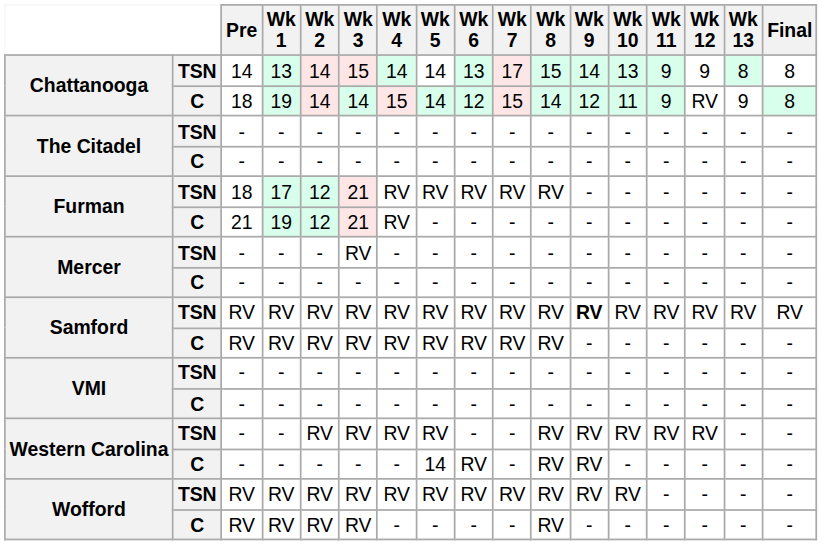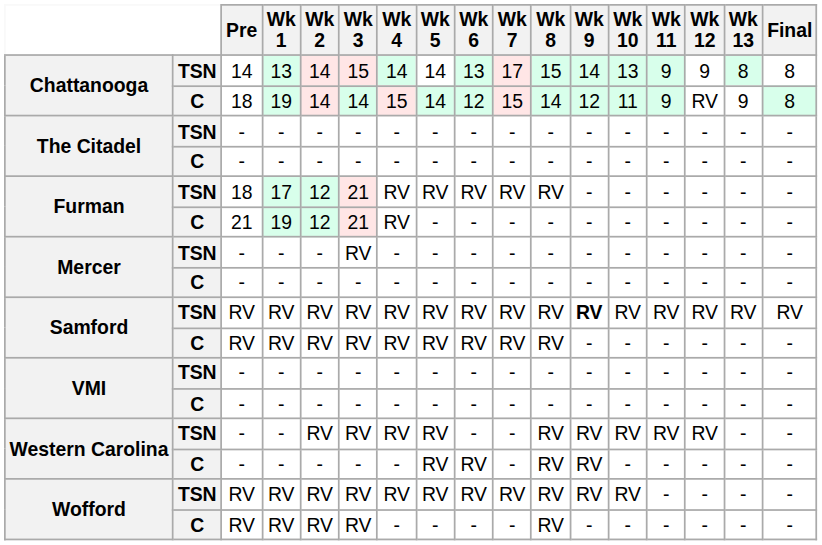 <table class="wikitable" style="white-space:nowrap;font-size:70%;">
 <tr>
 <th colspan=2 style="background:white; border-top-style:hidden; border-left-style:hidden;"> </th>
 <th>Pre</th>
 <th>Wk<br>1</th>
 <th>Wk<br>2</th>
 <th>Wk<br>3</th>
 <th>Wk<br>4</th>
 <th>Wk<br>5</th>
 <th>Wk<br>6</th>
 <th>Wk<br>7</th>
 <th>Wk<br>8</th>
 <th>Wk<br>9</th>
 <th>Wk<br>10</th>
 <th>Wk<br>11</th>
 <th>Wk<br>12</th>
 <th>Wk<br>13</th>
 <th>Final</th>
 </tr>
 <tr style="text-align:center;">
 <th rowspan=2>Chattanooga</th>
 <th>TSN</th>
 <td style="background:#FFF;">14</td>
 <td style="background:#D8FFEB;">13</td>
 <td style="background:#FFE6E6;">14</td>
 <td style="background:#FFE6E6;">15</td>
 <td style="background:#D8FFEB;">14</td>
 <td style="background:#FFF;">14</td>
 <td style="background:#D8FFEB;">13</td>
 <td style="background:#FFE6E6;">17</td>
 <td style="background:#D8FFEB;">15</td>
 <td style="background:#D8FFEB;">14</td>
 <td style="background:#D8FFEB;">13</td>
 <td style="background:#D8FFEB;">9</td>
 <td style="background:#FFF;">9</td>
 <td style="background:#D8FFEB;">8</td>
 <td style="background:#FFF;">8</td>
 </tr>
 <tr style="text-align:center;">
 <th>C</th>
 <td style="background:#FFF;">18</td>
 <td style="background:#D8FFEB;">19</td>
 <td style="background:#FFE6E6;">14</td>
 <td style="background:#D8FFEB;">14</td>
 <td style="background:#FFE6E6;">15</td>
 <td style="background:#D8FFEB;">14</td>
 <td style="background:#D8FFEB;">12</td>
 <td style="background:#FFE6E6;">15</td>
 <td style="background:#D8FFEB;">14</td>
 <td style="background:#D8FFEB;">12</td>
 <td style="background:#D8FFEB;">11</td>
 <td style="background:#D8FFEB;">9</td>
 <td style="background:#FFF;">RV</td>
 <td style="background:#FFF;">9</td>
 <td style="background:#D8FFEB;">8</td>
 </tr>
 <tr style="text-align:center;">
 <th rowspan=2>The Citadel</th>
 <th>TSN</th>
 <td style="background:#FFF;">-</td>
 <td style="background:#FFF;">-</td>
 <td style="background:#FFF;">-</td>
 <td style="background:#FFF;">-</td>
 <td style="background:#FFF;">-</td>
 <td style="background:#FFF;">-</td>
 <td style="background:#FFF;">-</td>
 <td style="background:#FFF;">-</td>
 <td style="background:#FFF;">-</td>
 <td style="background:#FFF;">-</td>
 <td style="background:#FFF;">-</td>
 <td style="background:#FFF;">-</td>
 <td style="background:#FFF;">-</td>
 <td style="background:#FFF;">-</td>
 <td style="background:#FFF;">-</td>
 </tr>
 <tr style="text-align:center;">
 <th>C</th>
 <td style="background:#FFF;">-</td>
 <td style="background:#FFF;">-</td>
 <td style="background:#FFF;">-</td>
 <td style="background:#FFF;">-</td>
 <td style="background:#FFF;">-</td>
 <td style="background:#FFF;">-</td>
 <td style="background:#FFF;">-</td>
 <td style="background:#FFF;">-</td>
 <td style="background:#FFF;">-</td>
 <td style="background:#FFF;">-</td>
 <td style="background:#FFF;">-</td>
 <td style="background:#FFF;">-</td>
 <td style="background:#FFF;">-</td>
 <td style="background:#FFF;">-</td>
 <td style="background:#FFF;">-</td>
 </tr>
 <tr style="text-align:center;">
 <th rowspan=2>Furman</th>
 <th>TSN</th>
 <td style="background:#FFF;">18</td>
 <td style="background:#D8FFEB;">17</td>
 <td style="background:#D8FFEB;">12</td>
 <td style="background:#FFE6E6;">21</td>
 <td style="background:#FFF;">RV</td>
 <td style="background:#FFF;">RV</td>
 <td style="background:#FFF;">RV</td>
 <td style="background:#FFF;">RV</td>
 <td style="background:#FFF;">RV</td>
 <td style="background:#FFF;">-</td>
 <td style="background:#FFF;">-</td>
 <td style="background:#FFF;">-</td>
 <td style="background:#FFF;">-</td>
 <td style="background:#FFF;">-</td>
 <td style="background:#FFF;">-</td>
 </tr>
 <tr style="text-align:center;">
 <th>C</th>
 <td style="background:#FFF;">21</td>
 <td style="background:#D8FFEB;">19</td>
 <td style="background:#D8FFEB;">12</td>
 <td style="background:#FFE6E6;">21</td>
 <td style="background:#FFF;">RV</td>
 <td style="background:#FFF;">-</td>
 <td style="background:#FFF;">-</td>
 <td style="background:#FFF;">-</td>
 <td style="background:#FFF;">-</td>
 <td style="background:#FFF;">-</td>
 <td style="background:#FFF;">-</td>
 <td style="background:#FFF;">-</td>
 <td style="background:#FFF;">-</td>
 <td style="background:#FFF;">-</td>
 <td style="background:#FFF;">-</td>
 </tr>
 <tr style="text-align:center;">
 <th rowspan=2>Mercer</th>
 <th>TSN</th>
 <td style="background:#FFF;">-</td>
 <td style="background:#FFF;">-</td>
 <td style="background:#FFF;">-</td>
 <td style="background:#FFF;">RV</td>
 <td style="background:#FFF;">-</td>
 <td style="background:#FFF;">-</td>
 <td style="background:#FFF;">-</td>
 <td style="background:#FFF;">-</td>
 <td style="background:#FFF;">-</td>
 <td style="background:#FFF;">-</td>
 <td style="background:#FFF;">-</td>
 <td style="background:#FFF;">-</td>
 <td style="background:#FFF;">-</td>
 <td style="background:#FFF;">-</td>
 <td style="background:#FFF;">-</td>
 </tr>
 <tr style="text-align:center;">
 <th>C</th>
 <td style="background:#FFF;">-</td>
 <td style="background:#FFF;">-</td>
 <td style="background:#FFF;">-</td>
 <td style="background:#FFF;">-</td>
 <td style="background:#FFF;">-</td>
 <td style="background:#FFF;">-</td>
 <td style="background:#FFF;">-</td>
 <td style="background:#FFF;">-</td>
 <td style="background:#FFF;">-</td>
 <td style="background:#FFF;">-</td>
 <td style="background:#FFF;">-</td>
 <td style="background:#FFF;">-</td>
 <td style="background:#FFF;">-</td>
 <td style="background:#FFF;">-</td>
 <td style="background:#FFF;">-</td>
 </tr>
 <tr style="text-align:center;">
 <th rowspan=2>Samford</th>
 <th>TSN</th>
 <td style="background:#FFF;">RV</td>
 <td style="background:#FFF;">RV</td>
 <td style="background:#FFF;">RV</td>
 <td style="background:#FFF;">RV</td>
 <td style="background:#FFF;">RV</td>
 <td style="background:#FFF;">RV</td>
 <td style="background:#FFF;">RV</td>
 <td style="background:#FFF;">RV</td>
 <td style="background:#FFF;">RV</td>
 <td style="background:#FFF;"><strong>RV</strong></td>
 <td style="background:#FFF;">RV</td>
 <td style="background:#FFF;">RV</td>
 <td style="background:#FFF;">RV</td>
 <td style="background:#FFF;">RV</td>
 <td style="background:#FFF;">RV</td>
 </tr>
 <tr style="text-align:center;">
 <th>C</th>
 <td style="background:#FFF;">RV</td>
 <td style="background:#FFF;">RV</td>
 <td style="background:#FFF;">RV</td>
 <td style="background:#FFF;">RV</td>
 <td style="background:#FFF;">RV</td>
 <td style="background:#FFF;">RV</td>
 <td style="background:#FFF;">RV</td>
 <td style="background:#FFF;">RV</td>
 <td style="background:#FFF;">RV</td>
 <td style="background:#FFF;">-</td>
 <td style="background:#FFF;">-</td>
 <td style="background:#FFF;">-</td>
 <td style="background:#FFF;">-</td>
 <td style="background:#FFF;">-</td>
 <td style="background:#FFF;">-</td>
 </tr>
 <tr style="text-align:center;">
 <th rowspan=2>VMI</th>
 <th>TSN</th>
 <td style="background:#FFF;">-</td>
 <td style="background:#FFF;">-</td>
 <td style="background:#FFF;">-</td>
 <td style="background:#FFF;">-</td>
 <td style="background:#FFF;">-</td>
 <td style="background:#FFF;">-</td>
 <td style="background:#FFF;">-</td>
 <td style="background:#FFF;">-</td>
 <td style="background:#FFF;">-</td>
 <td style="background:#FFF;">-</td>
 <td style="background:#FFF;">-</td>
 <td style="background:#FFF;">-</td>
 <td style="background:#FFF;">-</td>
 <td style="background:#FFF;">-</td>
 <td style="background:#FFF;">-</td>
 </tr>
 <tr style="text-align:center;">
 <th>C</th>
 <td style="background:#FFF;">-</td>
 <td style="background:#FFF;">-</td>
 <td style="background:#FFF;">-</td>
 <td style="background:#FFF;">-</td>
 <td style="background:#FFF;">-</td>
 <td style="background:#FFF;">-</td>
 <td style="background:#FFF;">-</td>
 <td style="background:#FFF;">-</td>
 <td style="background:#FFF;">-</td>
 <td style="background:#FFF;">-</td>
 <td style="background:#FFF;">-</td>
 <td style="background:#FFF;">-</td>
 <td style="background:#FFF;">-</td>
 <td style="background:#FFF;">-</td>
 <td style="background:#FFF;">-</td>
 </tr>
 <tr style="text-align:center;">
 <th rowspan=2>Western Carolina</th>
 <th>TSN</th>
 <td style="background:#FFF;">-</td>
 <td style="background:#FFF;">-</td>
 <td style="background:#FFF;">RV</td>
 <td style="background:#FFF;">RV</td>
 <td style="background:#FFF;">RV</td>
 <td style="background:#FFF;">RV</td>
 <td style="background:#FFF;">-</td>
 <td style="background:#FFF;">-</td>
 <td style="background:#FFF;">RV</td>
 <td style="background:#FFF;">RV</td>
 <td style="background:#FFF;">RV</td>
 <td style="background:#FFF;">RV</td>
 <td style="background:#FFF;">RV</td>
 <td style="background:#FFF;">-</td>
 <td style="background:#FFF;">-</td>
 </tr>
 <tr style="text-align:center;">
 <th>C</th>
 <td style="background:#FFF;">-</td>
 <td style="background:#FFF;">-</td>
 <td style="background:#FFF;">-</td>
 <td style="background:#FFF;">-</td>
 <td style="background:#FFF;">-</td>
-<td style="background:#FFF;">14</td>
+<td style="background:#FFF;">RV</td>
 <td style="background:#FFF;">RV</td>
 <td style="background:#FFF;">-</td>
 <td style="background:#FFF;">RV</td>
 <td style="background:#FFF;">RV</td>
 <td style="background:#FFF;">-</td>
 <td style="background:#FFF;">-</td>
 <td style="background:#FFF;">-</td>
 <td style="background:#FFF;">-</td>
 <td style="background:#FFF;">-</td>
 </tr>
 <tr style="text-align:center;">
 <th rowspan=2>Wofford</th>
 <th>TSN</th>
 <td style="background:#FFF;">RV</td>
 <td style="background:#FFF;">RV</td>
 <td style="background:#FFF;">RV</td>
 <td style="background:#FFF;">RV</td>
 <td style="background:#FFF;">RV</td>
 <td style="background:#FFF;">RV</td>
 <td style="background:#FFF;">RV</td>
 <td style="background:#FFF;">RV</td>
 <td style="background:#FFF;">RV</td>
 <td style="background:#FFF;">RV</td>
 <td style="background:#FFF;">RV</td>
 <td style="background:#FFF;">-</td>
 <td style="background:#FFF;">-</td>
 <td style="background:#FFF;">-</td>
 <td style="background:#FFF;">-</td>
 </tr>
 <tr style="text-align:center;">
 <th>C</th>
 <td style="background:#FFF;">RV</td>
 <td style="background:#FFF;">RV</td>
 <td style="background:#FFF;">RV</td>
 <td style="background:#FFF;">RV</td>
 <td style="background:#FFF;">-</td>
 <td style="background:#FFF;">-</td>
 <td style="background:#FFF;">-</td>
 <td style="background:#FFF;">-</td>
 <td style="background:#FFF;">RV</td>
 <td style="background:#FFF;">-</td>
 <td style="background:#FFF;">-</td>
 <td style="background:#FFF;">-</td>
 <td style="background:#FFF;">-</td>
 <td style="background:#FFF;">-</td>
 <td style="background:#FFF;">-</td>
 </tr>
 </table>
